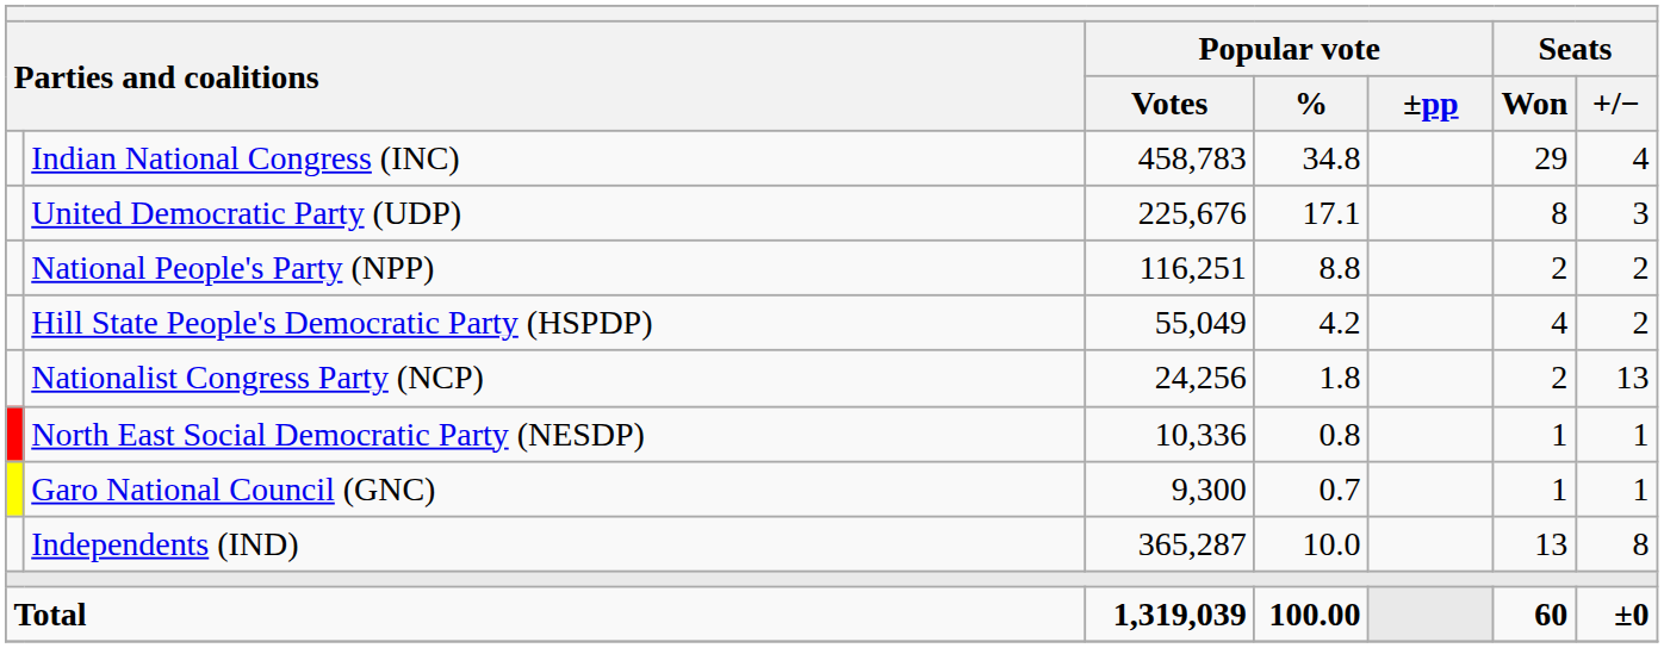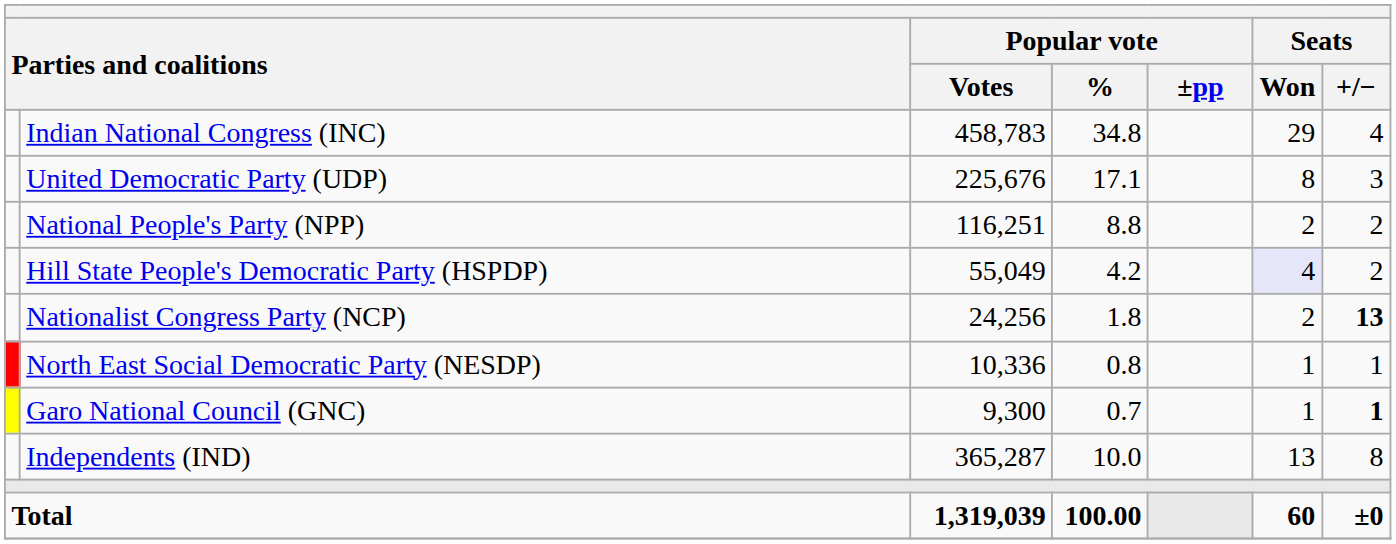 <table class="wikitable" style="text-align:right; font-size:95%;">
 <tr>
 <th colspan=10></th>
 </tr>
 <tr>
 <th style="text-align:left;" rowspan="2" colspan="2" width="485">Parties and coalitions</th>
 <th colspan="3">Popular vote</th>
 <th colspan="2">Seats</th>
 </tr>
 <tr>
 <th width="70">Votes</th>
 <th width="45">%</th>
 <th width="50">±<a href='#'>pp</a></th>
 <th width="30">Won</th>
 <th width="30">+/−</th>
 </tr>
 <tr>
 <td width="1" style="color:inherit;background:"></td>
 <td align="left"><a href='#'>Indian National Congress</a> (INC)</td>
 <td>458,783</td>
 <td>34.8</td>
 <td></td>
 <td>29</td>
 <td>4</td>
 </tr>
 <tr>
 <td style="color:inherit;background:"></td>
 <td align="left"><a href='#'>United Democratic Party</a> (UDP)</td>
 <td>225,676</td>
 <td>17.1</td>
 <td></td>
 <td>8</td>
 <td>3</td>
 </tr>
 <tr>
 <td style="color:inherit;background:"></td>
 <td align="left"><a href='#'>National People's Party</a> (NPP)</td>
 <td>116,251</td>
 <td>8.8</td>
 <td></td>
 <td>2</td>
 <td>2</td>
 </tr>
 <tr>
 <td style="color:inherit;background:"></td>
 <td align="left"><a href='#'>Hill State People's Democratic Party</a> (HSPDP)</td>
 <td>55,049</td>
 <td>4.2</td>
 <td></td>
-<td>4</td>
+<td style="background: lavender;">4</td>
 <td>2</td>
 </tr>
 <tr>
 <td style="color:inherit;background:"></td>
 <td align="left"><a href='#'>Nationalist Congress Party</a> (NCP)</td>
 <td>24,256</td>
 <td>1.8</td>
 <td></td>
 <td>2</td>
-<td>13</td>
+<td><strong>13</strong></td>
 </tr>
 <tr>
 <td bgcolor="red"></td>
 <td align="left"><a href='#'>North East Social Democratic Party</a> (NESDP)</td>
 <td>10,336</td>
 <td>0.8</td>
 <td></td>
 <td>1</td>
 <td>1</td>
 </tr>
 <tr>
 <td bgcolor="yellow"></td>
 <td align="left"><a href='#'>Garo National Council</a> (GNC)</td>
 <td>9,300</td>
 <td>0.7</td>
 <td></td>
 <td>1</td>
-<td>1</td>
+<td><strong>1</strong></td>
 </tr>
 <tr>
 <td style="color:inherit;background:"></td>
 <td align="left"><a href='#'>Independents</a> (IND)</td>
 <td>365,287</td>
 <td>10.0</td>
 <td></td>
 <td>13</td>
 <td>8</td>
 </tr>
 <tr>
 <td colspan="7" bgcolor="#E9E9E9"></td>
 </tr>
 <tr style="font-weight:bold;">
 <td align="left" colspan="2">Total</td>
 <td>1,319,039</td>
 <td>100.00</td>
 <td bgcolor="#E9E9E9"></td>
 <td>60</td>
 <td>±0</td>
 </tr>
 <tr>
 </tr>
 </table>
